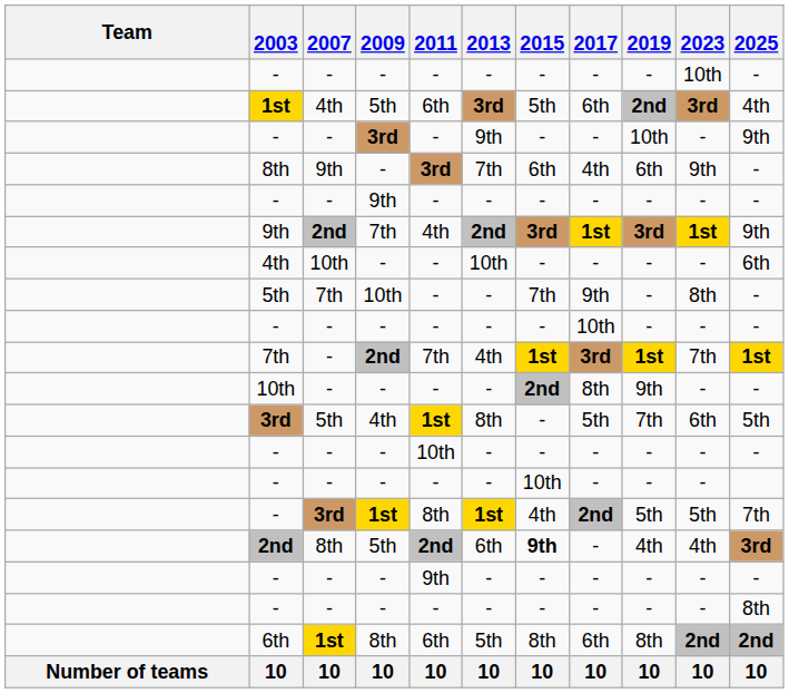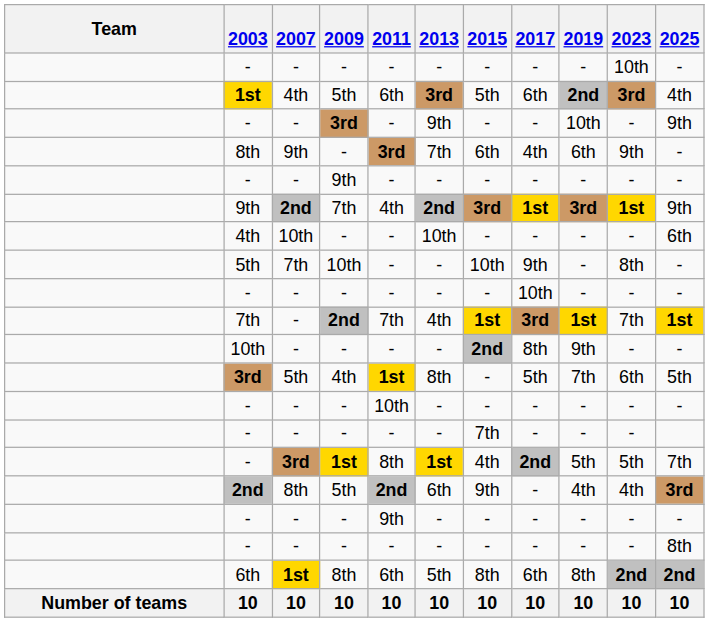 <table class="wikitable" style="text-align:center; font-size:90%">
 <tr>
 <th width=170>Team</th>
 <th width=25><br><a href='#'>2003</a></th>
 <th><br><a href='#'>2007</a></th>
 <th width=25><br><a href='#'>2009</a></th>
 <th width=25><br><a href='#'>2011</a></th>
 <th><br><a href='#'>2013</a></th>
 <th width=25><br><a href='#'>2015</a></th>
 <th width=25><br><a href='#'>2017</a></th>
 <th><br><a href='#'>2019</a></th>
 <th width=25><br><a href='#'>2023</a></th>
 <th width=25><br><a href='#'>2025</a></th>
 </tr>
 <tr>
 <td align=left></td>
 <td>-</td>
 <td>-</td>
 <td>-</td>
 <td>-</td>
 <td>-</td>
 <td>-</td>
 <td>-</td>
 <td>-</td>
 <td>10th</td>
 <td>-</td>
 </tr>
 <tr>
 <td align=left></td>
 <td bgcolor=gold><strong>1st</strong></td>
 <td>4th</td>
 <td>5th</td>
 <td>6th</td>
 <td bgcolor=cc9966><strong>3rd</strong></td>
 <td>5th</td>
 <td>6th</td>
 <td bgcolor=silver><strong>2nd</strong></td>
 <td bgcolor=cc9966><strong>3rd</strong></td>
 <td>4th</td>
 </tr>
 <tr>
 <td align=left></td>
 <td>-</td>
 <td>-</td>
 <td bgcolor=cc9966><strong>3rd</strong></td>
 <td>-</td>
 <td>9th</td>
 <td>-</td>
 <td>-</td>
 <td>10th</td>
 <td>-</td>
 <td>9th</td>
 </tr>
 <tr>
 <td align=left></td>
 <td>8th</td>
 <td>9th</td>
 <td>-</td>
 <td bgcolor=cc9966><strong>3rd</strong></td>
 <td>7th</td>
 <td>6th</td>
 <td>4th</td>
 <td>6th</td>
 <td>9th</td>
 <td>-</td>
 </tr>
 <tr>
 <td align=left></td>
 <td>-</td>
 <td>-</td>
 <td>9th</td>
 <td>-</td>
 <td>-</td>
 <td>-</td>
 <td>-</td>
 <td>-</td>
 <td>-</td>
 <td>-</td>
 </tr>
 <tr>
 <td align=left></td>
 <td>9th</td>
 <td bgcolor=silver><strong>2nd</strong></td>
 <td>7th</td>
 <td>4th</td>
 <td bgcolor=silver><strong>2nd</strong></td>
 <td bgcolor=cc9966><strong>3rd</strong></td>
 <td bgcolor=gold><strong>1st</strong></td>
 <td bgcolor=cc9966><strong>3rd</strong></td>
 <td bgcolor=gold><strong>1st</strong></td>
 <td>9th</td>
 </tr>
 <tr>
 <td align=left></td>
 <td>4th</td>
 <td>10th</td>
 <td>-</td>
 <td>-</td>
 <td>10th</td>
 <td>-</td>
 <td>-</td>
 <td>-</td>
 <td>-</td>
 <td>6th</td>
 </tr>
 <tr>
 <td align=left></td>
 <td>5th</td>
 <td>7th</td>
 <td>10th</td>
 <td>-</td>
 <td>-</td>
-<td>7th</td>
+<td>10th</td>
 <td>9th</td>
 <td>-</td>
 <td>8th</td>
 <td>-</td>
 </tr>
 <tr>
 <td align=left></td>
 <td>-</td>
 <td>-</td>
 <td>-</td>
 <td>-</td>
 <td>-</td>
 <td>-</td>
 <td>10th</td>
 <td>-</td>
 <td>-</td>
 <td>-</td>
 </tr>
 <tr>
 <td align=left></td>
 <td>7th</td>
 <td>-</td>
 <td bgcolor=silver><strong>2nd</strong></td>
 <td>7th</td>
 <td>4th</td>
 <td bgcolor=gold><strong>1st</strong></td>
 <td bgcolor=cc9966><strong>3rd</strong></td>
 <td bgcolor=gold><strong>1st</strong></td>
 <td>7th</td>
 <td bgcolor=gold><strong>1st</strong></td>
 </tr>
 <tr>
 <td align=left></td>
 <td>10th</td>
 <td>-</td>
 <td>-</td>
 <td>-</td>
 <td>-</td>
 <td - bgcolor=silver><strong>2nd</strong></td>
 <td>8th</td>
 <td>9th</td>
 <td>-</td>
 <td>-</td>
 </tr>
 <tr>
 <td align=left></td>
 <td bgcolor=cc9966><strong>3rd</strong></td>
 <td>5th</td>
 <td>4th</td>
 <td bgcolor=gold><strong>1st</strong></td>
 <td>8th</td>
 <td>-</td>
 <td>5th</td>
 <td>7th</td>
 <td>6th</td>
 <td>5th</td>
 </tr>
 <tr>
 <td align=left></td>
 <td>-</td>
 <td>-</td>
 <td>-</td>
 <td>10th</td>
 <td>-</td>
 <td>-</td>
 <td>-</td>
 <td>-</td>
 <td>-</td>
 <td>-</td>
 </tr>
 <tr>
 <td align=left></td>
 <td>-</td>
 <td>-</td>
 <td>-</td>
 <td>-</td>
 <td>-</td>
-<td>10th</td>
+<td>7th</td>
 <td>-</td>
 <td>-</td>
 <td>-</td>
 <td></td>
 </tr>
 <tr>
 <td align=left></td>
 <td>-</td>
 <td bgcolor=cc9966><strong>3rd</strong></td>
 <td bgcolor=gold><strong>1st</strong></td>
 <td>8th</td>
 <td bgcolor=gold><strong>1st</strong></td>
 <td>4th</td>
 <td bgcolor=silver><strong>2nd</strong></td>
 <td>5th</td>
 <td>5th</td>
 <td>7th</td>
 </tr>
 <tr>
 <td align=left></td>
 <td bgcolor=silver><strong>2nd</strong></td>
 <td>8th</td>
 <td>5th</td>
 <td bgcolor=silver><strong>2nd</strong></td>
 <td>6th</td>
-<td><strong>9th</strong></td>
+<td>9th</td>
 <td>-</td>
 <td>4th</td>
 <td>4th</td>
 <td bgcolor=cc9966><strong>3rd</strong></td>
 </tr>
 <tr>
 <td align=left></td>
 <td>-</td>
 <td>-</td>
 <td>-</td>
 <td>9th</td>
 <td>-</td>
 <td>-</td>
 <td>-</td>
 <td>-</td>
 <td>-</td>
 <td>-</td>
 </tr>
 <tr>
 <td align=left></td>
 <td>-</td>
 <td>-</td>
 <td>-</td>
 <td>-</td>
 <td>-</td>
 <td>-</td>
 <td>-</td>
 <td>-</td>
 <td>-</td>
 <td>8th</td>
 </tr>
 <tr>
 <td align=left></td>
 <td>6th</td>
 <td bgcolor=gold><strong>1st</strong></td>
 <td>8th</td>
 <td>6th</td>
 <td>5th</td>
 <td>8th</td>
 <td>6th</td>
 <td>8th</td>
 <td bgcolor=silver><strong>2nd</strong></td>
 <td bgcolor=silver><strong>2nd</strong></td>
 </tr>
 <tr>
 <th>Number of teams</th>
 <th>10</th>
 <th>10</th>
 <th>10</th>
 <th>10</th>
 <th>10</th>
 <th>10</th>
 <th>10</th>
 <th>10</th>
 <th>10</th>
 <th>10</th>
 </tr>
 </table>
